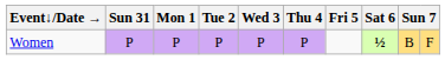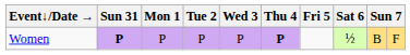 <table class="wikitable" style="margin:0.5em auto; font-size:90%; line-height:1.25em;">
 <tr style="text-align:center;">
 <th>Event↓/Date →</th>
 <th>Sun 31</th>
 <th>Mon 1</th>
 <th>Tue 2</th>
 <th>Wed 3</th>
 <th>Thu 4</th>
 <th>Fri 5</th>
 <th>Sat 6</th>
 <th colspan="2">Sun 7</th>
 </tr>
 <tr style="text-align:center;">
 <td style="text-align:left;"><a href='#'>Women</a></td>
+<td style="background-color:#D0A9F5;"><strong>P</strong></td>
 <td style="background-color:#D0A9F5;">P</td>
 <td style="background-color:#D0A9F5;">P</td>
 <td style="background-color:#D0A9F5;">P</td>
-<td style="background-color:#D0A9F5;">P</td>
-<td style="background-color:#D0A9F5;">P</td>
+<td style="background-color:#D0A9F5;"><strong>P</strong></td>
 <td></td>
-<td style="background-color:#D9FFB2;"><strong>½</strong></td>
+<td style="background-color:#D9FFB2;">½</td>
 <td style="background-color:#FFDF80;">B</td>
 <td style="background-color:#FFDF80;">F</td>
 </tr>
 </table>
